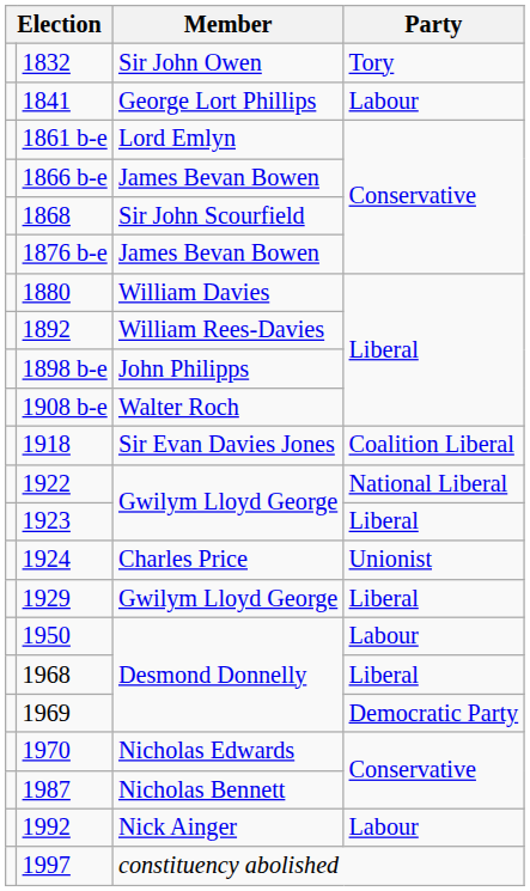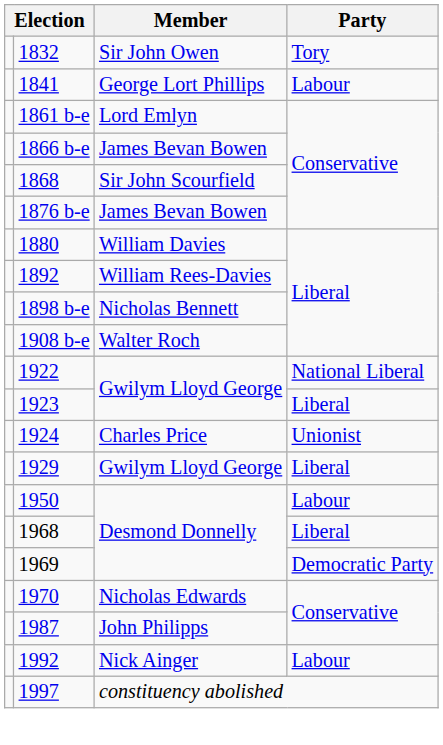 <table class="wikitable">
 <tr>
 <th colspan="2">Election</th>
 <th>Member</th>
 <th>Party</th>
 </tr>
 <tr>
 <td style="color:inherit;background-color: "></td>
 <td><a href='#'>1832</a></td>
 <td><a href='#'>Sir John Owen</a></td>
 <td><a href='#'>Tory</a></td>
 </tr>
 <tr>
 <td style="color:inherit;background-color: "></td>
 <td><a href='#'>1841</a></td>
 <td><a href='#'>George Lort Phillips</a></td>
 <td><a href='#'>Labour</a></td>
 </tr>
 <tr>
 <td style="color:inherit;background-color: "></td>
 <td><a href='#'>1861 b-e</a></td>
 <td><a href='#'>Lord Emlyn</a></td>
 <td rowspan="4"><a href='#'>Conservative</a></td>
 </tr>
 <tr>
 <td style="color:inherit;background-color: "></td>
 <td><a href='#'>1866 b-e</a></td>
 <td><a href='#'>James Bevan Bowen</a></td>
 </tr>
 <tr>
 <td style="color:inherit;background-color: "></td>
 <td><a href='#'>1868</a></td>
 <td><a href='#'>Sir John Scourfield</a></td>
 </tr>
 <tr>
 <td style="color:inherit;background-color: "></td>
 <td><a href='#'>1876 b-e</a></td>
 <td><a href='#'>James Bevan Bowen</a></td>
 </tr>
 <tr>
 <td style="color:inherit;background-color: "></td>
 <td><a href='#'>1880</a></td>
 <td><a href='#'>William Davies</a></td>
 <td rowspan="4"><a href='#'>Liberal</a></td>
 </tr>
 <tr>
 <td style="color:inherit;background-color: "></td>
 <td><a href='#'>1892</a></td>
 <td><a href='#'>William Rees-Davies</a></td>
 </tr>
 <tr>
 <td style="color:inherit;background-color: "></td>
 <td><a href='#'>1898 b-e</a></td>
-<td><a href='#'>John Philipps</a></td>
+<td><a href='#'>Nicholas Bennett</a></td>
 </tr>
 <tr>
 <td style="color:inherit;background-color: "></td>
 <td><a href='#'>1908 b-e</a></td>
 <td><a href='#'>Walter Roch</a></td>
-</tr>
-<tr>
-<td style="color:inherit;background-color: "></td>
-<td><a href='#'>1918</a></td>
-<td><a href='#'>Sir Evan Davies Jones</a></td>
-<td><a href='#'>Coalition Liberal</a></td>
 </tr>
 <tr>
 <td style="color:inherit;background-color: "></td>
 <td><a href='#'>1922</a></td>
 <td rowspan="2"><a href='#'>Gwilym Lloyd George</a></td>
 <td><a href='#'>National Liberal</a></td>
 </tr>
 <tr>
 <td style="color:inherit;background-color: "></td>
 <td><a href='#'>1923</a></td>
 <td><a href='#'>Liberal</a></td>
 </tr>
 <tr>
 <td style="color:inherit;background-color: "></td>
 <td><a href='#'>1924</a></td>
 <td><a href='#'>Charles Price</a></td>
 <td><a href='#'>Unionist</a></td>
 </tr>
 <tr>
 <td style="color:inherit;background-color: "></td>
 <td><a href='#'>1929</a></td>
 <td><a href='#'>Gwilym Lloyd George</a></td>
 <td><a href='#'>Liberal</a></td>
 </tr>
 <tr>
 <td style="color:inherit;background-color: "></td>
 <td><a href='#'>1950</a></td>
 <td rowspan="3"><a href='#'>Desmond Donnelly</a></td>
 <td><a href='#'>Labour</a></td>
 </tr>
 <tr>
 <td style="color:inherit;background-color: "></td>
 <td>1968</td>
 <td><a href='#'>Liberal</a></td>
 </tr>
 <tr>
 <td style="color:inherit;background-color: "></td>
 <td>1969</td>
 <td><a href='#'>Democratic Party</a></td>
 </tr>
 <tr>
 <td style="color:inherit;background-color: "></td>
 <td><a href='#'>1970</a></td>
 <td><a href='#'>Nicholas Edwards</a></td>
 <td rowspan="2"><a href='#'>Conservative</a></td>
 </tr>
 <tr>
 <td style="color:inherit;background-color: "></td>
 <td><a href='#'>1987</a></td>
-<td><a href='#'>Nicholas Bennett</a></td>
+<td><a href='#'>John Philipps</a></td>
 </tr>
 <tr>
 <td style="color:inherit;background-color: "></td>
 <td><a href='#'>1992</a></td>
 <td><a href='#'>Nick Ainger</a></td>
 <td><a href='#'>Labour</a></td>
 </tr>
 <tr>
 <td></td>
 <td><a href='#'>1997</a></td>
 <td colspan="2"><em>constituency abolished</em></td>
 </tr>
 </table>
